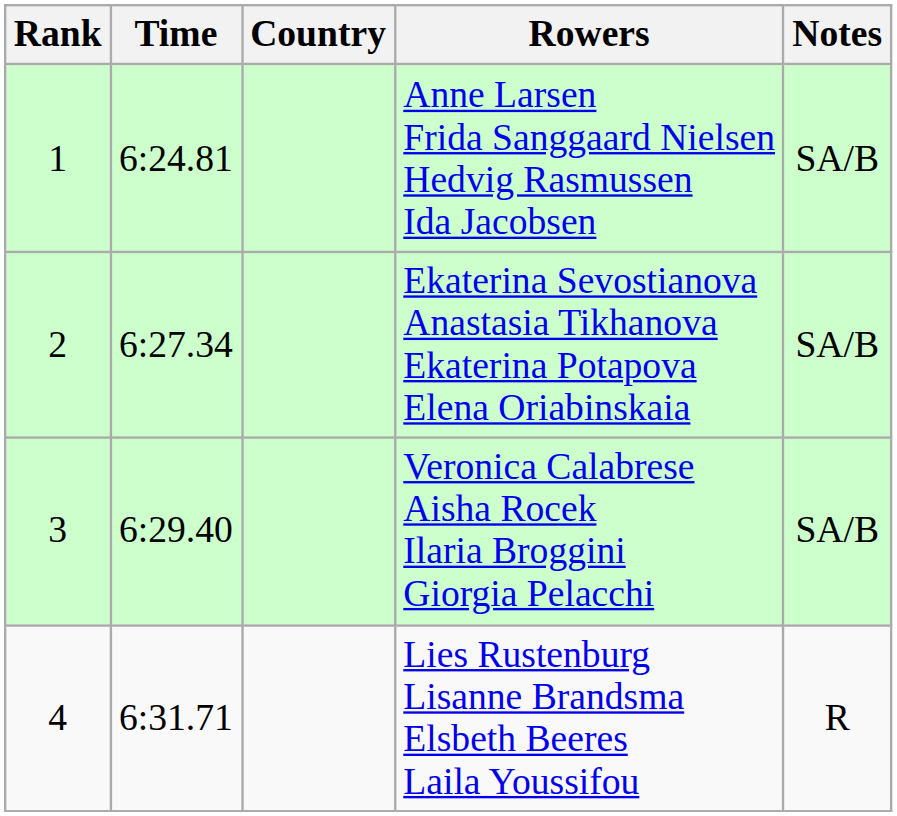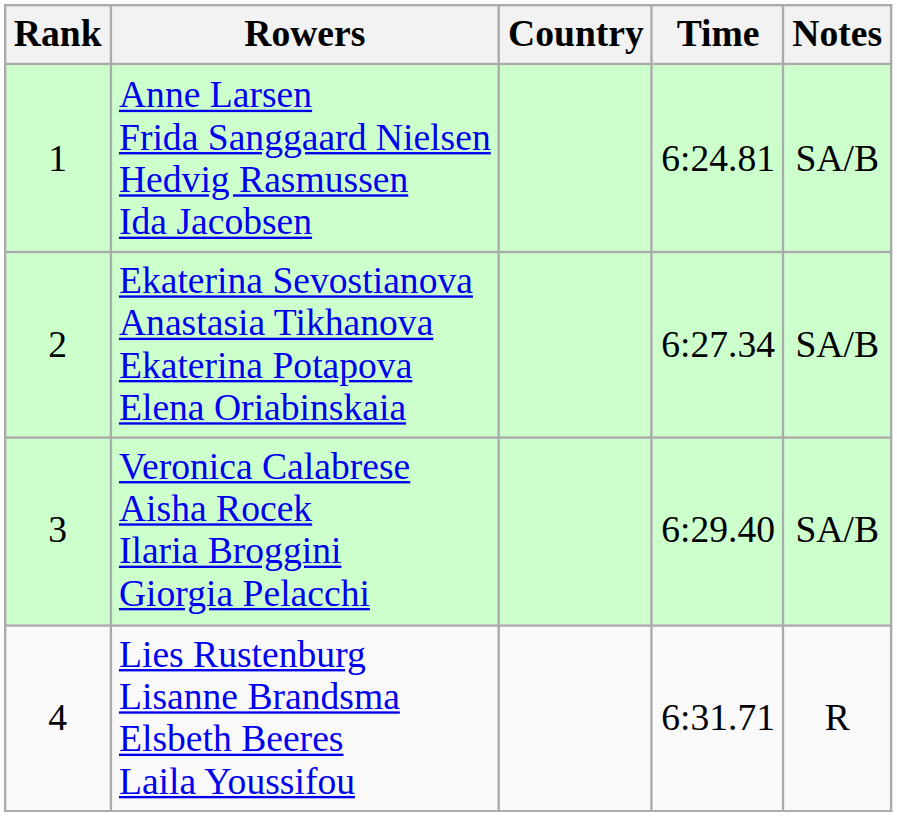 <table class="wikitable" style="text-align:center">
 <tr>
 <th>Rank</th>
+<th>Rowers</th>
+<th>Country</th>
 <th>Time</th>
-<th>Country</th>
-<th>Rowers</th>
 <th>Notes</th>
 </tr>
 <tr bgcolor=ccffcc>
 <td>1</td>
+<td align="left"><a href='#'>Anne Larsen</a><br><a href='#'>Frida Sanggaard Nielsen</a><br><a href='#'>Hedvig Rasmussen</a><br><a href='#'>Ida Jacobsen</a></td>
+<td align="left"></td>
 <td>6:24.81</td>
-<td align="left"></td>
-<td align="left"><a href='#'>Anne Larsen</a><br><a href='#'>Frida Sanggaard Nielsen</a><br><a href='#'>Hedvig Rasmussen</a><br><a href='#'>Ida Jacobsen</a></td>
 <td>SA/B</td>
 </tr>
 <tr bgcolor=ccffcc>
 <td>2</td>
+<td align="left"><a href='#'>Ekaterina Sevostianova</a><br><a href='#'>Anastasia Tikhanova</a><br><a href='#'>Ekaterina Potapova</a><br><a href='#'>Elena Oriabinskaia</a></td>
+<td align="left"></td>
 <td>6:27.34</td>
-<td align="left"></td>
-<td align="left"><a href='#'>Ekaterina Sevostianova</a><br><a href='#'>Anastasia Tikhanova</a><br><a href='#'>Ekaterina Potapova</a><br><a href='#'>Elena Oriabinskaia</a></td>
 <td>SA/B</td>
 </tr>
 <tr bgcolor=ccffcc>
 <td>3</td>
+<td align="left"><a href='#'>Veronica Calabrese</a><br><a href='#'>Aisha Rocek</a><br><a href='#'>Ilaria Broggini</a><br><a href='#'>Giorgia Pelacchi</a></td>
+<td align="left"></td>
 <td>6:29.40</td>
-<td align="left"></td>
-<td align="left"><a href='#'>Veronica Calabrese</a><br><a href='#'>Aisha Rocek</a><br><a href='#'>Ilaria Broggini</a><br><a href='#'>Giorgia Pelacchi</a></td>
 <td>SA/B</td>
 </tr>
 <tr>
 <td>4</td>
+<td align="left"><a href='#'>Lies Rustenburg</a><br><a href='#'>Lisanne Brandsma</a><br><a href='#'>Elsbeth Beeres</a><br><a href='#'>Laila Youssifou</a></td>
+<td align="left"></td>
 <td>6:31.71</td>
-<td align="left"></td>
-<td align="left"><a href='#'>Lies Rustenburg</a><br><a href='#'>Lisanne Brandsma</a><br><a href='#'>Elsbeth Beeres</a><br><a href='#'>Laila Youssifou</a></td>
 <td>R</td>
 </tr>
 </table>
